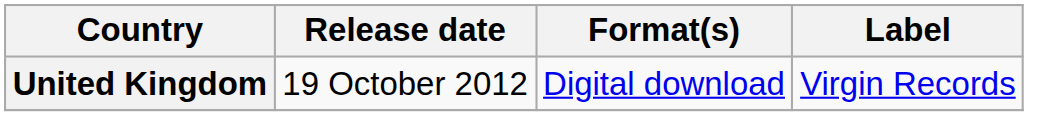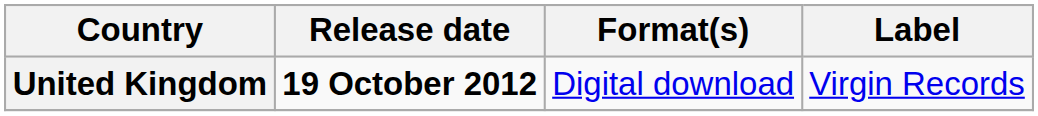 <table class="wikitable plainrowheaders">
 <tr>
 <th scope="col">Country</th>
 <th scope="col">Release date</th>
 <th scope="col">Format(s)</th>
 <th scope="col">Label</th>
 </tr>
 <tr>
 <th scope="row">United Kingdom</th>
-<td>19 October 2012</td>
+<td><strong>19 October 2012</strong></td>
 <td><a href='#'>Digital download</a></td>
 <td><a href='#'>Virgin Records</a></td>
 </tr>
 <tr>
 </tr>
 </table>
